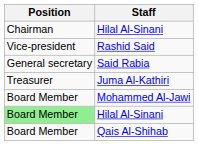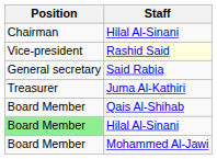 <table class=wikitable>
 <tr>
 <th>Position</th>
 <th>Staff</th>
 </tr>
 <tr>
 <td>Chairman</td>
 <td><a href='#'>Hilal Al-Sinani</a></td>
 </tr>
 <tr>
 <td>Vice-president</td>
-<td><a href='#'>Rashid Said</a></td>
+<td style="background: lightyellow;"><a href='#'>Rashid Said</a></td>
 </tr>
 <tr>
 <td>General secretary</td>
 <td><a href='#'>Said Rabia</a></td>
 </tr>
 <tr>
 <td>Treasurer</td>
 <td><a href='#'>Juma Al-Kathiri</a></td>
 </tr>
 <tr>
 <td>Board Member</td>
-<td><a href='#'>Mohammed Al-Jawi</a></td>
+<td><a href='#'>Qais Al-Shihab</a></td>
 </tr>
 <tr>
 <td style="background: lightgreen;">Board Member</td>
 <td><a href='#'>Hilal Al-Sinani</a></td>
 </tr>
 <tr>
 <td>Board Member</td>
-<td><a href='#'>Qais Al-Shihab</a></td>
+<td><a href='#'>Mohammed Al-Jawi</a></td>
 </tr>
 </table>
